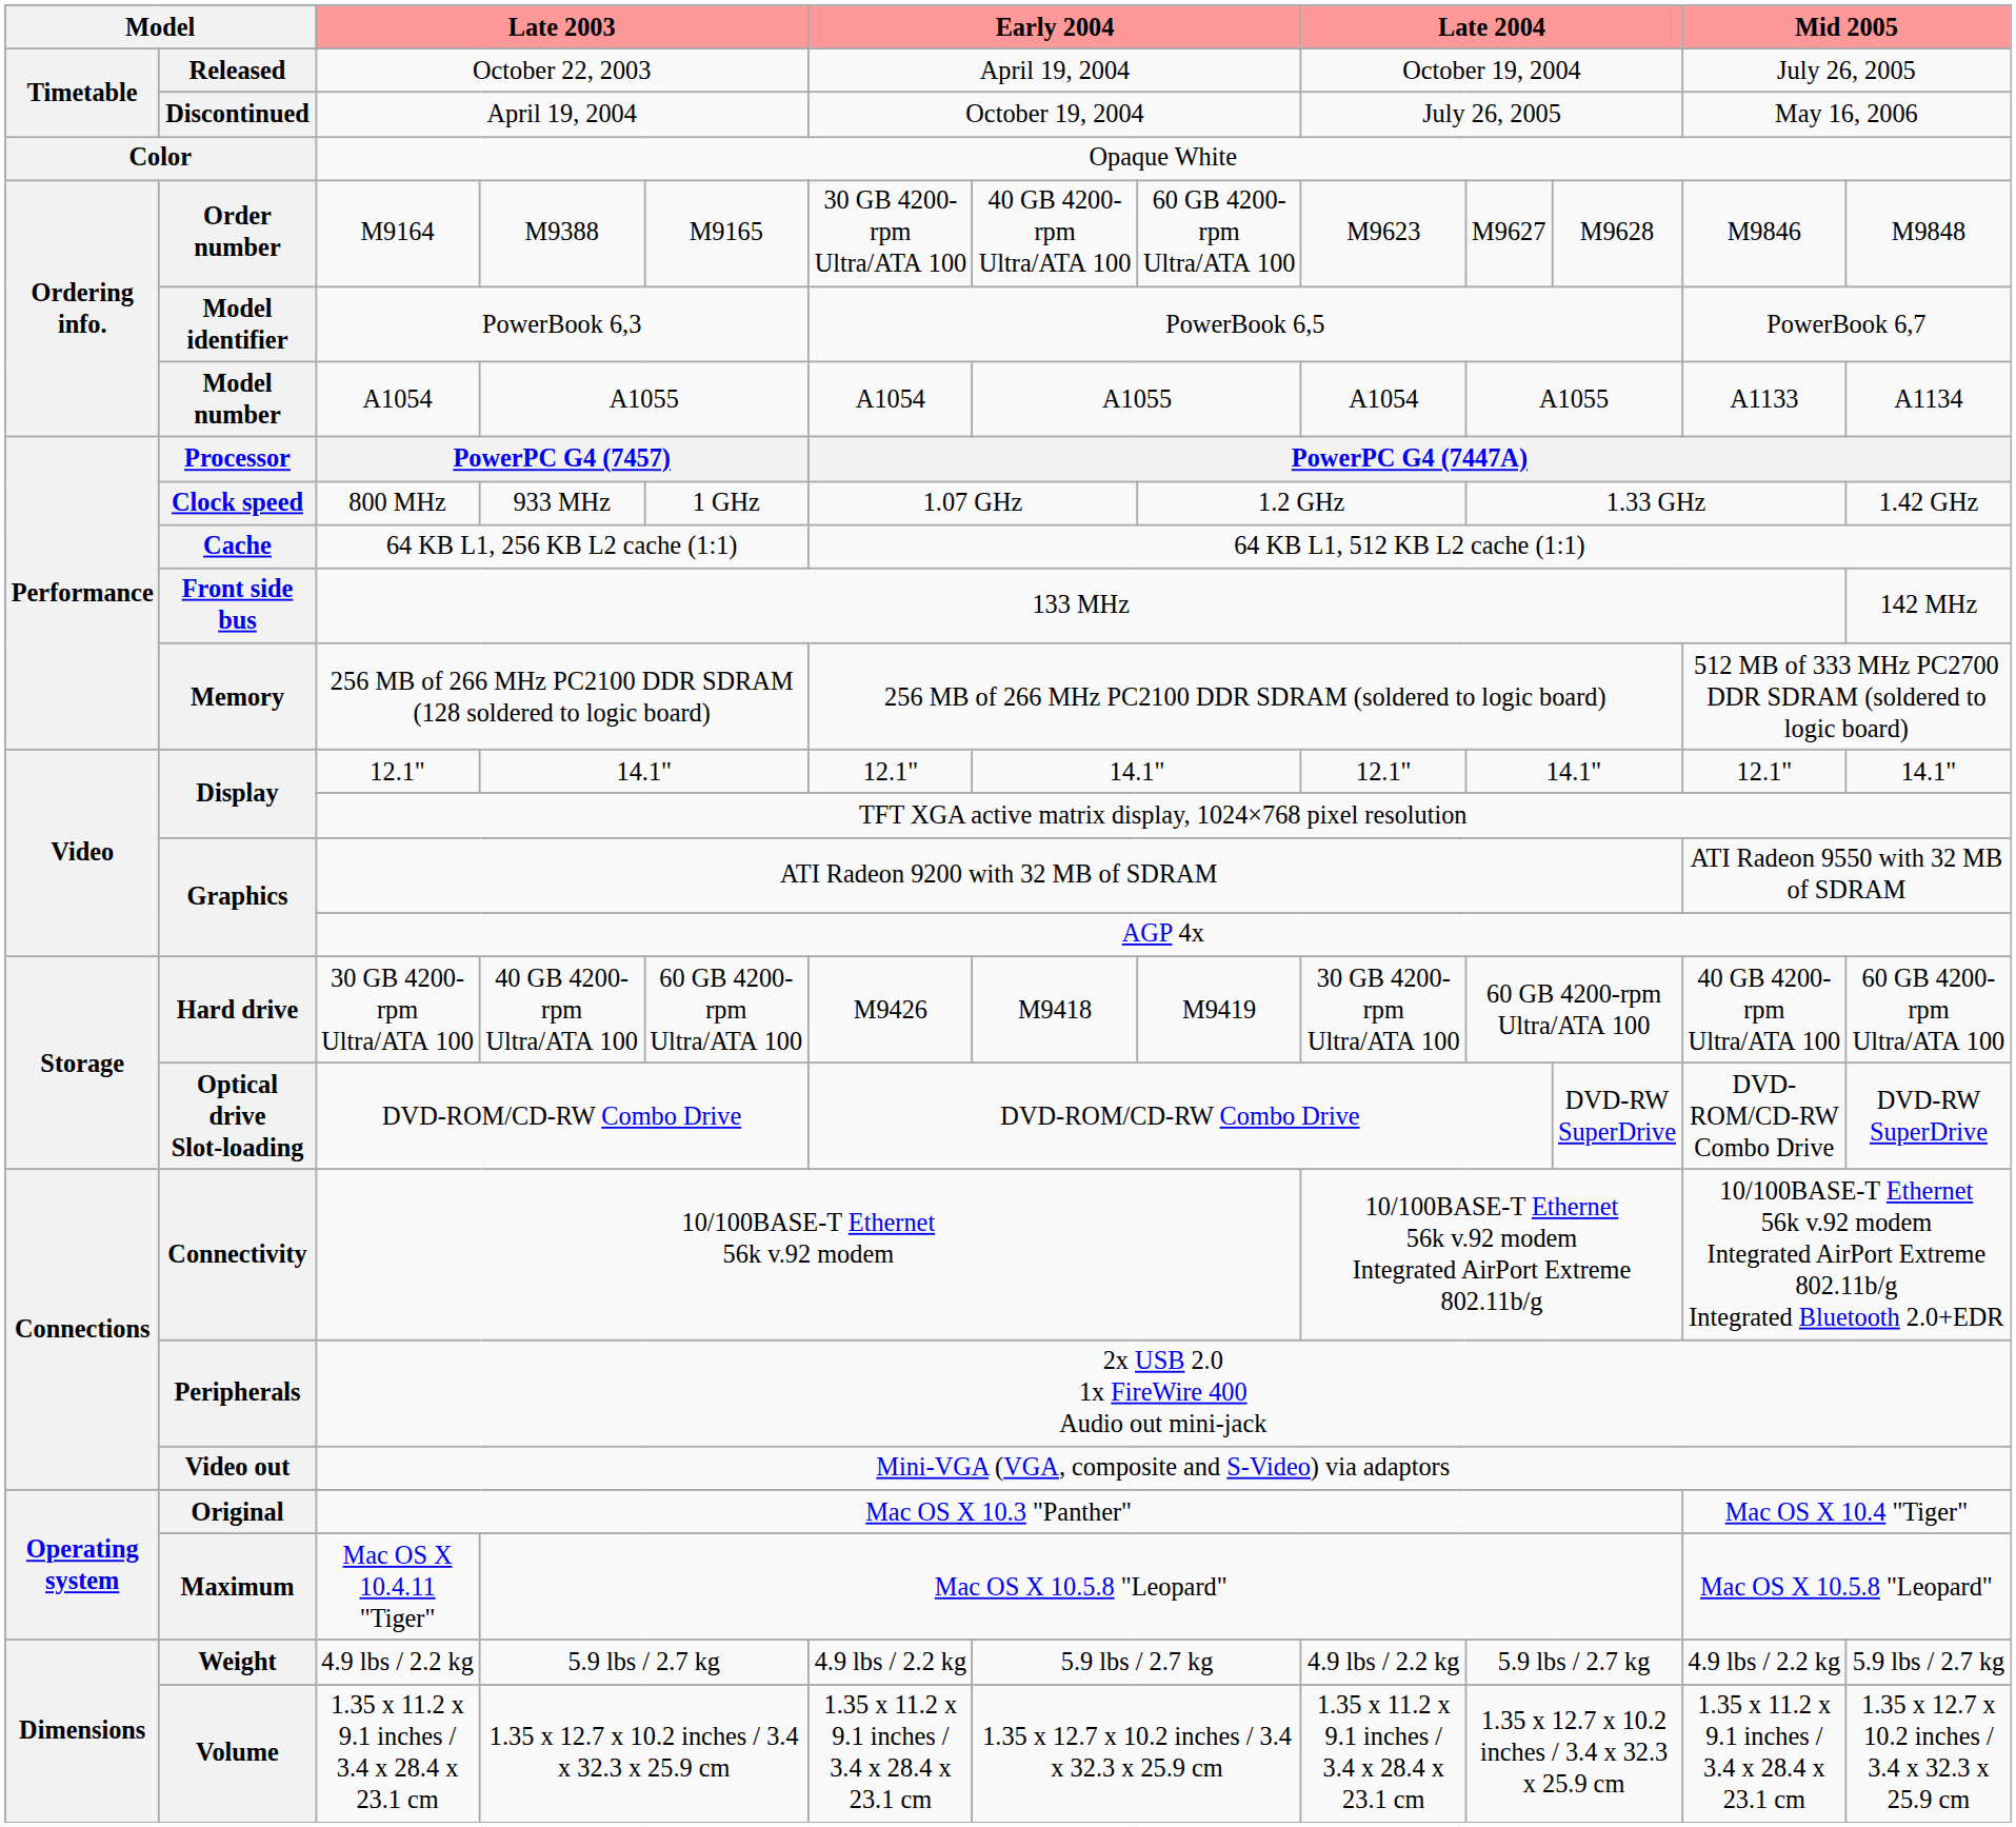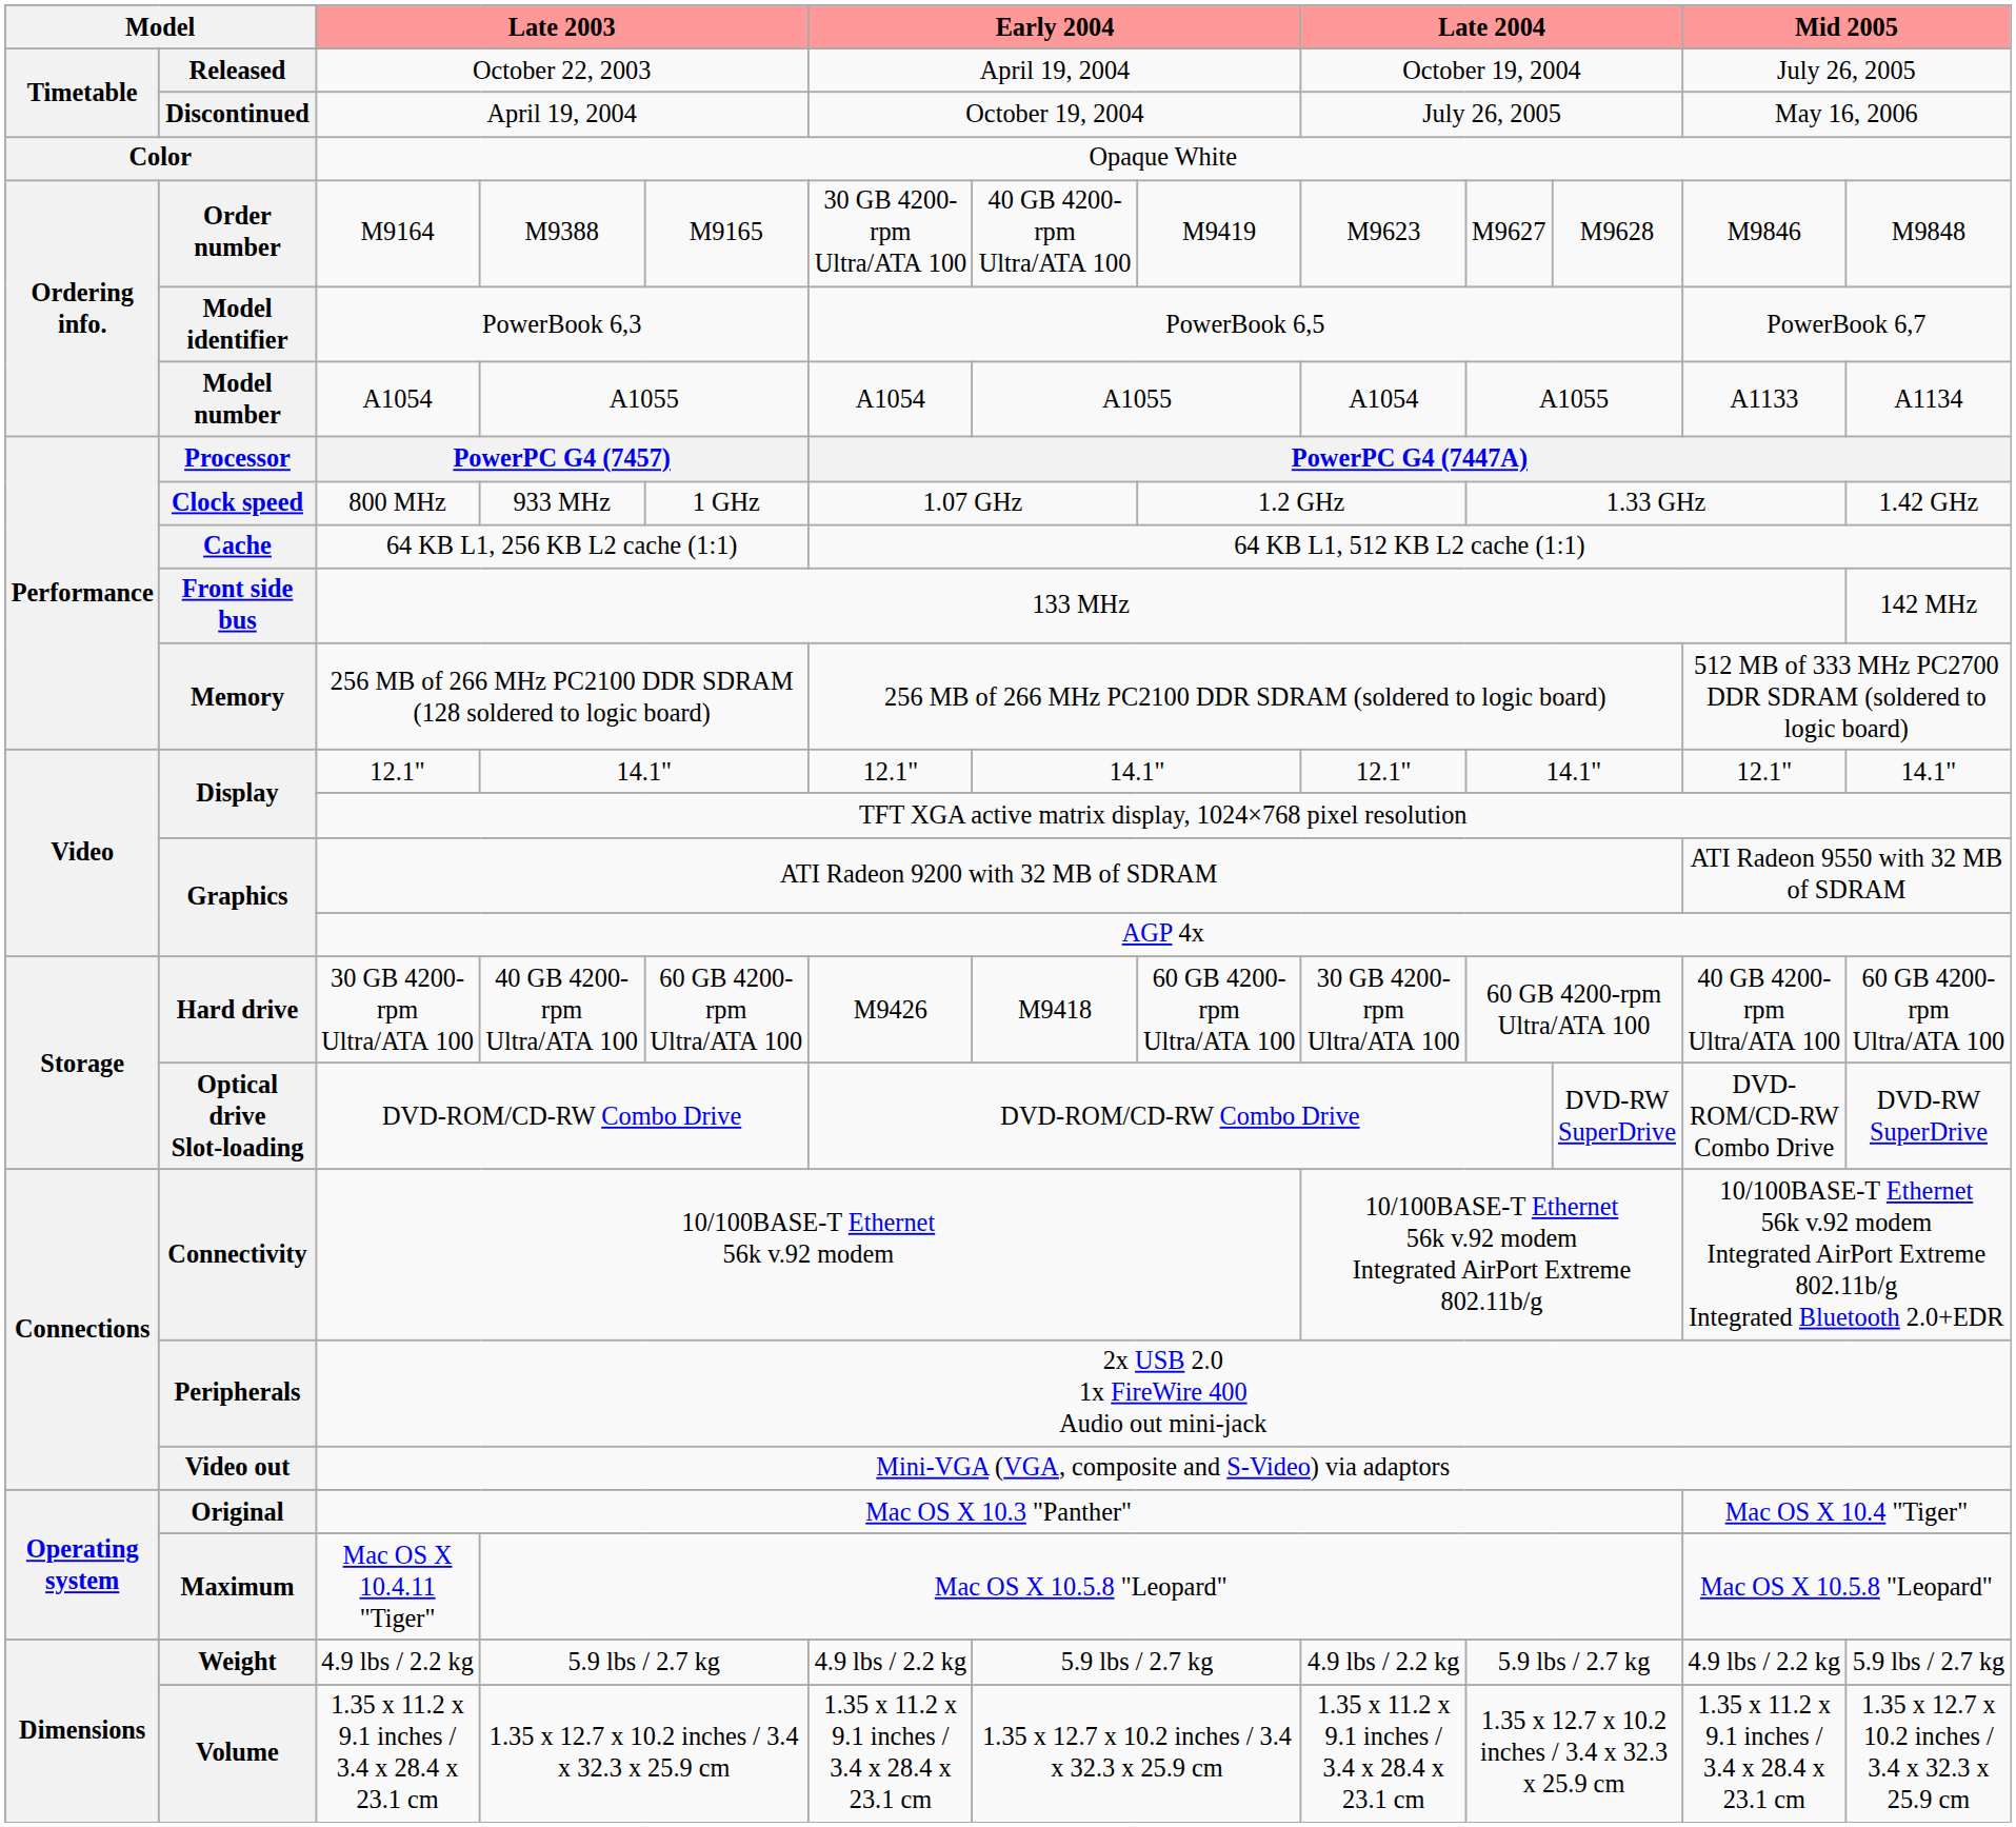 <table class="wikitable mw-collapsible" style="font-size:small; text-align:center">
 <tr>
 <th colspan=2>Model</th>
 <th colspan=3 style="background:#FF9999">Late 2003</th>
 <th colspan=3 style="background:#FF9999">Early 2004</th>
 <th colspan=3 style="background:#FF9999">Late 2004</th>
 <th colspan=2 style="background:#FF9999">Mid 2005</th>
 </tr>
 <tr>
 <th rowspan=2>Timetable</th>
 <th>Released</th>
 <td colspan=3>October 22, 2003</td>
 <td colspan=3>April 19, 2004</td>
 <td colspan=3>October 19, 2004</td>
 <td colspan=2>July 26, 2005</td>
 </tr>
 <tr>
 <th>Discontinued</th>
 <td colspan=3>April 19, 2004</td>
 <td colspan=3>October 19, 2004</td>
 <td colspan=3>July 26, 2005</td>
 <td colspan=2>May 16, 2006</td>
 </tr>
 <tr>
 <th colspan=2>Color</th>
 <td colspan=11>Opaque White</td>
 </tr>
 <tr>
 <th rowspan=3>Ordering info.</th>
 <th>Order number</th>
 <td>M9164</td>
 <td>M9388</td>
 <td>M9165</td>
 <td>30 GB 4200-rpm Ultra/ATA 100</td>
 <td>40 GB 4200-rpm Ultra/ATA 100</td>
-<td>60 GB 4200-rpm Ultra/ATA 100</td>
+<td>M9419</td>
 <td>M9623</td>
 <td>M9627</td>
 <td>M9628</td>
 <td>M9846</td>
 <td>M9848</td>
 </tr>
 <tr>
 <th>Model identifier</th>
 <td colspan=3>PowerBook 6,3</td>
 <td colspan=6>PowerBook 6,5</td>
 <td colspan=2>PowerBook 6,7</td>
 </tr>
 <tr>
 <th>Model number</th>
 <td>A1054</td>
 <td colspan=2>A1055</td>
 <td>A1054</td>
 <td colspan=2>A1055</td>
 <td>A1054</td>
 <td colspan=2>A1055</td>
 <td>A1133</td>
 <td>A1134</td>
 </tr>
 <tr>
 <th rowspan=5>Performance</th>
 <th><a href='#'>Processor</a></th>
 <th colspan=3><a href='#'>PowerPC G4 (7457)</a></th>
 <th colspan=8><a href='#'>PowerPC G4 (7447A)</a></th>
 </tr>
 <tr>
 <th><a href='#'>Clock speed</a></th>
 <td>800 MHz</td>
 <td>933 MHz</td>
 <td>1 GHz</td>
 <td colspan=2>1.07 GHz</td>
 <td colspan=2>1.2 GHz</td>
 <td colspan=3>1.33 GHz</td>
 <td>1.42 GHz</td>
 </tr>
 <tr>
 <th><a href='#'>Cache</a></th>
 <td colspan=3>64 KB L1, 256 KB L2 cache (1:1)</td>
 <td colspan=8>64 KB L1, 512 KB L2 cache (1:1)</td>
 </tr>
 <tr>
 <th><a href='#'>Front side bus</a></th>
 <td colspan=10>133 MHz</td>
 <td>142 MHz</td>
 </tr>
 <tr>
 <th>Memory</th>
 <td colspan=3>256 MB of 266 MHz PC2100 DDR SDRAM (128 soldered to logic board)<br></td>
 <td colspan=6>256 MB of 266 MHz PC2100 DDR SDRAM (soldered to logic board)<br></td>
 <td colspan=2>512 MB of 333 MHz PC2700 DDR SDRAM (soldered to logic board)<br></td>
 </tr>
 <tr>
 <th rowspan=4>Video</th>
 <th rowspan=2>Display</th>
 <td>12.1"</td>
 <td colspan=2>14.1"</td>
 <td>12.1"</td>
 <td colspan=2>14.1"</td>
 <td>12.1"</td>
 <td colspan=2>14.1"</td>
 <td>12.1"</td>
 <td>14.1"</td>
 </tr>
 <tr>
 <td colspan=11>TFT XGA active matrix display, 1024×768 pixel resolution</td>
 </tr>
 <tr>
 <th rowspan=2>Graphics</th>
 <td colspan=9>ATI Radeon 9200 with 32 MB of SDRAM</td>
 <td colspan=2>ATI Radeon 9550 with 32 MB of SDRAM</td>
 </tr>
 <tr>
 <td colspan=11><a href='#'>AGP</a> 4x</td>
 </tr>
 <tr>
 <th rowspan=2>Storage</th>
 <th>Hard drive</th>
 <td>30 GB 4200-rpm Ultra/ATA 100</td>
 <td>40 GB 4200-rpm Ultra/ATA 100</td>
 <td>60 GB 4200-rpm Ultra/ATA 100</td>
 <td>M9426</td>
 <td>M9418</td>
-<td>M9419</td>
+<td>60 GB 4200-rpm Ultra/ATA 100</td>
 <td>30 GB 4200-rpm Ultra/ATA 100</td>
 <td colspan=2>60 GB 4200-rpm Ultra/ATA 100</td>
 <td>40 GB 4200-rpm Ultra/ATA 100</td>
 <td>60 GB 4200-rpm Ultra/ATA 100</td>
 </tr>
 <tr>
 <th>Optical drive<br>Slot-loading</th>
 <td colspan=3>DVD-ROM/CD-RW <a href='#'>Combo Drive</a></td>
 <td colspan=5>DVD-ROM/CD-RW <a href='#'>Combo Drive</a><br><em></em></td>
 <td>DVD-RW <a href='#'>SuperDrive</a></td>
 <td>DVD-ROM/CD-RW Combo Drive<br><em></em></td>
 <td>DVD-RW <a href='#'>SuperDrive</a></td>
 </tr>
 <tr>
 <th rowspan=3>Connections</th>
 <th>Connectivity</th>
 <td colspan=6>10/100BASE-T <a href='#'>Ethernet</a><br>56k v.92 modem<br><br></td>
 <td colspan=3>10/100BASE-T <a href='#'>Ethernet</a><br>56k v.92 modem<br>Integrated AirPort Extreme 802.11b/g<br></td>
 <td colspan=2>10/100BASE-T <a href='#'>Ethernet</a><br>56k v.92 modem<br>Integrated AirPort Extreme 802.11b/g<br>Integrated <a href='#'>Bluetooth</a> 2.0+EDR</td>
 </tr>
 <tr>
 <th>Peripherals</th>
 <td colspan=11>2x <a href='#'>USB</a> 2.0<br>1x <a href='#'>FireWire 400</a><br>Audio out mini-jack</td>
 </tr>
 <tr>
 <th>Video out</th>
 <td colspan=11><a href='#'>Mini-VGA</a> (<a href='#'>VGA</a>, composite and <a href='#'>S-Video</a>) via adaptors</td>
 </tr>
 <tr>
 <th rowspan=2><a href='#'>Operating system</a></th>
 <th>Original</th>
 <td colspan=9><a href='#'>Mac OS X 10.3</a> "Panther"</td>
 <td colspan=2><a href='#'>Mac OS X 10.4</a> "Tiger"</td>
 </tr>
 <tr>
 <th>Maximum</th>
 <td><a href='#'>Mac OS X 10.4.11</a> "Tiger"<br></td>
 <td colspan=8><a href='#'>Mac OS X 10.5.8</a> "Leopard" </td>
 <td colspan=2><a href='#'>Mac OS X 10.5.8</a> "Leopard"</td>
 </tr>
 <tr>
 <th rowspan=2>Dimensions</th>
 <th>Weight</th>
 <td>4.9 lbs / 2.2 kg</td>
 <td colspan=2>5.9 lbs / 2.7 kg</td>
 <td>4.9 lbs / 2.2 kg</td>
 <td colspan=2>5.9 lbs / 2.7 kg</td>
 <td>4.9 lbs / 2.2 kg</td>
 <td colspan=2>5.9 lbs / 2.7 kg</td>
 <td>4.9 lbs / 2.2 kg</td>
 <td>5.9 lbs / 2.7 kg</td>
 </tr>
 <tr>
 <th>Volume</th>
 <td>1.35 x 11.2 x 9.1 inches / 3.4 x 28.4 x 23.1 cm</td>
 <td colspan=2>1.35 x 12.7 x 10.2 inches / 3.4 x 32.3 x 25.9 cm</td>
 <td>1.35 x 11.2 x 9.1 inches / 3.4 x 28.4 x 23.1 cm</td>
 <td colspan=2>1.35 x 12.7 x 10.2 inches / 3.4 x 32.3 x 25.9 cm</td>
 <td>1.35 x 11.2 x 9.1 inches / 3.4 x 28.4 x 23.1 cm</td>
 <td colspan=2>1.35 x 12.7 x 10.2 inches / 3.4 x 32.3 x 25.9 cm</td>
 <td>1.35 x 11.2 x 9.1 inches / 3.4 x 28.4 x 23.1 cm</td>
 <td>1.35 x 12.7 x 10.2 inches / 3.4 x 32.3 x 25.9 cm</td>
 </tr>
 </table>
